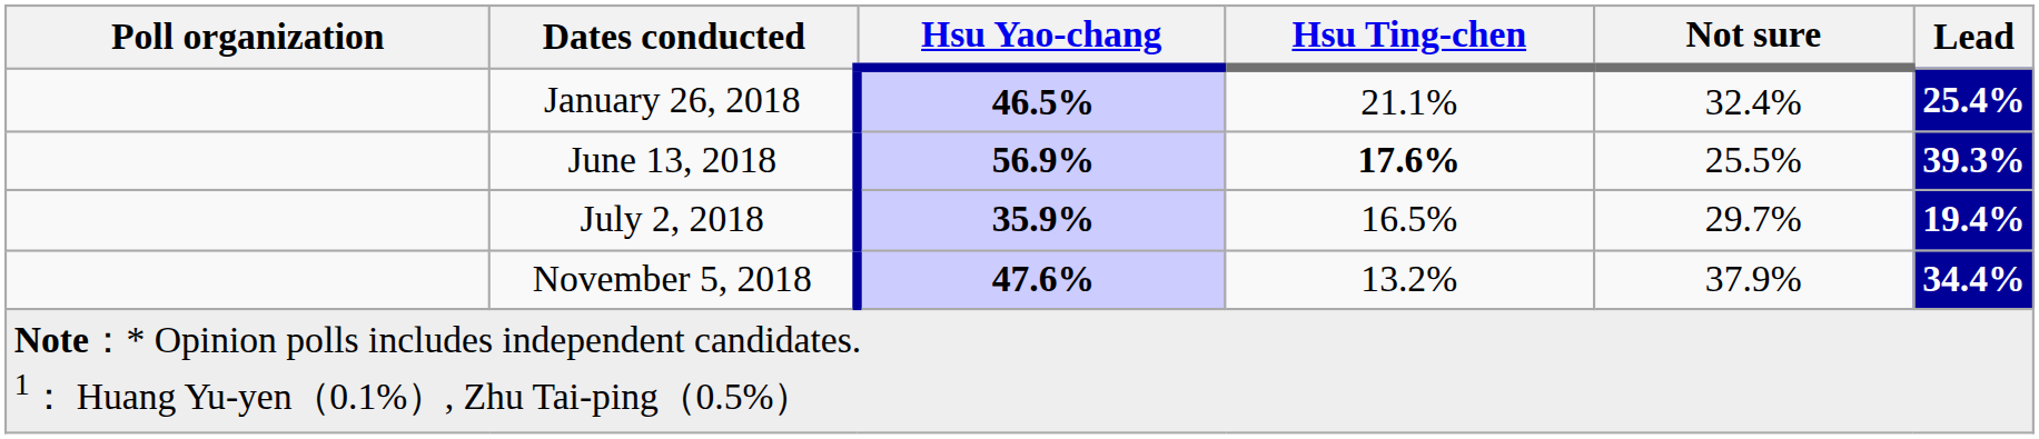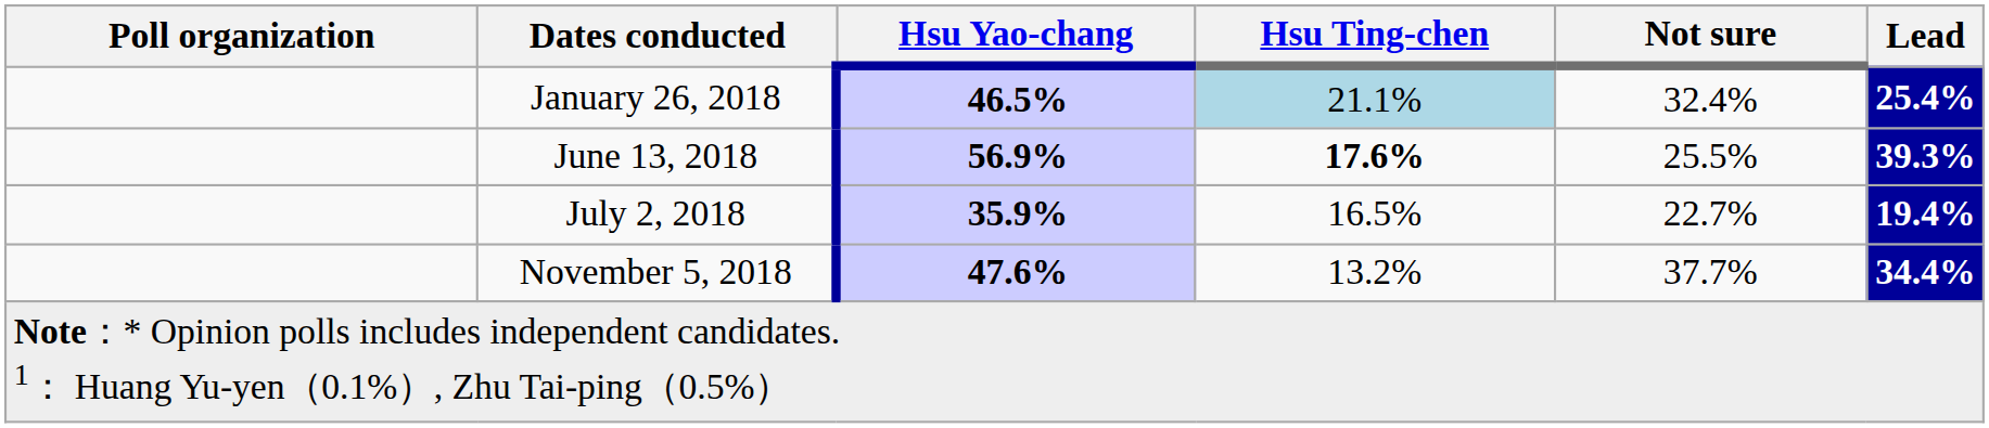 <table class="wikitable collapsible autocollapse" style="text-align:center">
 <tr style="background-color:# E9E9E9">
 <th style="width:200px;">Poll organization</th>
 <th style="width:150px;">Dates conducted</th>
 <th style="width:150px; border-bottom:4px solid #000099;"> <a href='#'>Hsu Yao-chang</a></th>
 <th style="width:150px; border-bottom:4px solid #707070;"> <a href='#'>Hsu Ting-chen</a></th>
 <th style="width:130px; border-bottom:4px solid #707070;"> Not sure</th>
 <th style="width:40px;">Lead</th>
 </tr>
 <tr>
 <td></td>
 <td>January 26, 2018</td>
 <td style="background-color:#CCCCFF; border-left:4px solid #000099;"><strong>46.5%</strong></td>
-<td>21.1%</td>
+<td style="background: lightblue;">21.1%</td>
 <td>32.4%</td>
 <td style="background:#000099; color:white"><strong>25.4%</strong></td>
 </tr>
 <tr>
 <td></td>
 <td>June 13, 2018</td>
 <td style="background-color:#CCCCFF; border-left:4px solid #000099;"><strong>56.9%</strong></td>
 <td><strong>17.6%</strong></td>
 <td>25.5%</td>
 <td style="background:#000099; color:white"><strong>39.3%</strong></td>
 </tr>
 <tr>
 <td></td>
 <td>July 2, 2018</td>
 <td style="background-color:#CCCCFF; border-left:4px solid #000099;"><strong>35.9%</strong></td>
 <td>16.5%</td>
-<td>29.7%</td>
+<td>22.7%</td>
 <td style="background:#000099; color:white"><strong>19.4%</strong></td>
 </tr>
 <tr>
 <td></td>
 <td>November 5, 2018</td>
 <td style="background-color:#CCCCFF; border-left:4px solid #000099;"><strong>47.6%</strong></td>
 <td>13.2%</td>
-<td>37.9%</td>
+<td>37.7%</td>
 <td style="background:#000099; color:white"><strong>34.4%</strong></td>
 </tr>
 <tr>
 <td colspan="8" style="background-color:#EEEEEE;" align=left><div><strong>Note</strong>：* Opinion polls includes independent candidates.<br><sup>1</sup>： Huang Yu-yen（0.1%）,  Zhu Tai-ping（0.5%）<br> </div></td>
 </tr>
 </table>
